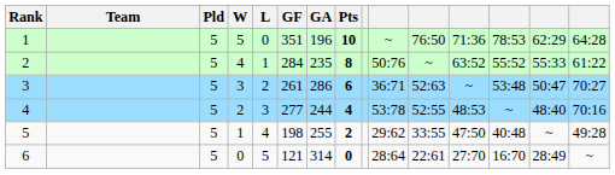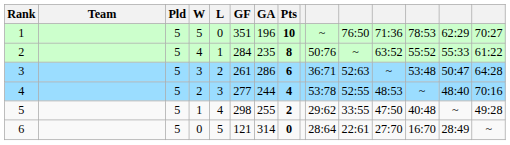 <table class="wikitable">
 <tr>
 <th bgcolor="#efefef">Rank</th>
 <th bgcolor="#efefef" width="160">Team</th>
 <th bgcolor="#efefef" width="20">Pld</th>
 <th bgcolor="#efefef" width="20">W</th>
 <th bgcolor="#efefef" width="20">L</th>
 <th bgcolor="#efefef" width="20">GF</th>
 <th bgcolor="#efefef" width="20">GA</th>
 <th bgcolor="#efefef" width="20">Pts</th>
 <th bgcolor="#efefef"></th>
 <th bgcolor="#efefef" width="20"></th>
 <th bgcolor="#efefef" width="20"></th>
 <th bgcolor="#efefef" width="20"></th>
 <th bgcolor="#efefef" width="20"></th>
 <th bgcolor="#efefef" width="20"></th>
 <th bgcolor="#efefef" width="20"></th>
 </tr>
 <tr align=center bgcolor="#ccffcc">
 <td>1</td>
 <td align=left></td>
 <td>5</td>
 <td>5</td>
 <td>0</td>
 <td>351</td>
 <td>196</td>
 <td><strong>10</strong></td>
 <td></td>
 <td>~</td>
 <td>76:50</td>
 <td>71:36</td>
 <td>78:53</td>
 <td>62:29</td>
-<td>64:28</td>
+<td>70:27</td>
 </tr>
 <tr align=center bgcolor="#ccffcc">
 <td>2</td>
 <td align=left></td>
 <td>5</td>
 <td>4</td>
 <td>1</td>
 <td>284</td>
 <td>235</td>
 <td><strong>8</strong></td>
 <td></td>
 <td>50:76</td>
 <td>~</td>
 <td>63:52</td>
 <td>55:52</td>
 <td>55:33</td>
 <td>61:22</td>
 </tr>
 <tr align=center bgcolor="#9BDDFF">
 <td>3</td>
 <td align=left></td>
 <td>5</td>
 <td>3</td>
 <td>2</td>
 <td>261</td>
 <td>286</td>
 <td><strong>6</strong></td>
 <td></td>
 <td>36:71</td>
 <td>52:63</td>
 <td>~</td>
 <td>53:48</td>
 <td>50:47</td>
-<td>70:27</td>
+<td>64:28</td>
 </tr>
 <tr align=center bgcolor="#9BDDFF">
 <td>4</td>
 <td align=left></td>
 <td>5</td>
 <td>2</td>
 <td>3</td>
 <td>277</td>
 <td>244</td>
 <td><strong>4</strong></td>
 <td></td>
 <td>53:78</td>
 <td>52:55</td>
 <td>48:53</td>
 <td>~</td>
 <td>48:40</td>
 <td>70:16</td>
 </tr>
 <tr align=center>
 <td>5</td>
 <td align=left></td>
 <td>5</td>
 <td>1</td>
 <td>4</td>
-<td>198</td>
+<td>298</td>
 <td>255</td>
 <td><strong>2</strong></td>
 <td></td>
 <td>29:62</td>
 <td>33:55</td>
 <td>47:50</td>
 <td>40:48</td>
 <td>~</td>
 <td>49:28</td>
 </tr>
 <tr align=center>
 <td>6</td>
 <td align=left></td>
 <td>5</td>
 <td>0</td>
 <td>5</td>
 <td>121</td>
 <td>314</td>
 <td><strong>0</strong></td>
 <td></td>
 <td>28:64</td>
 <td>22:61</td>
 <td>27:70</td>
 <td>16:70</td>
 <td>28:49</td>
 <td>~</td>
 </tr>
 </table>
